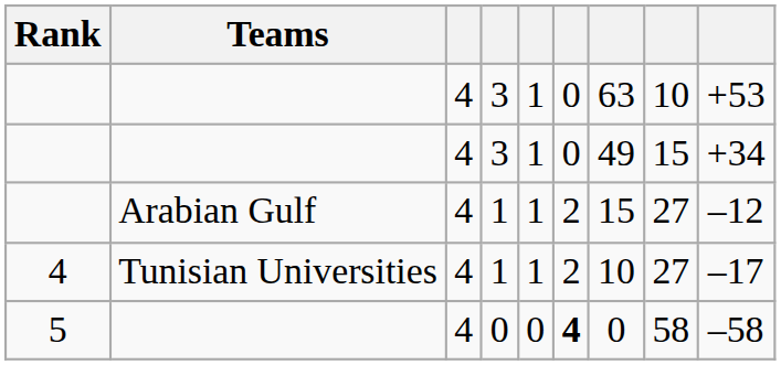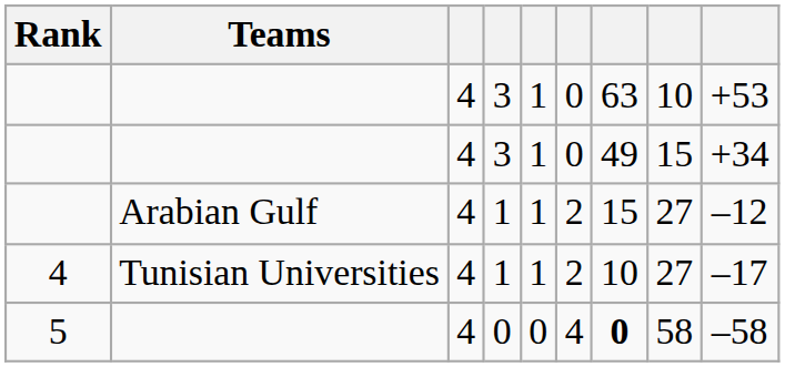 <table class="wikitable" style="text-align: center;">
 <tr>
 <th>Rank</th>
 <th>Teams</th>
 <th></th>
 <th></th>
 <th></th>
 <th></th>
 <th></th>
 <th></th>
 <th></th>
 </tr>
 <tr>
 <td></td>
 <td align="left"></td>
 <td>4</td>
 <td>3</td>
 <td>1</td>
 <td>0</td>
 <td>63</td>
 <td>10</td>
 <td>+53</td>
 </tr>
 <tr>
 <td></td>
 <td align="left"></td>
 <td>4</td>
 <td>3</td>
 <td>1</td>
 <td>0</td>
 <td>49</td>
 <td>15</td>
 <td>+34</td>
 </tr>
 <tr>
 <td></td>
 <td align="left"> Arabian Gulf</td>
 <td>4</td>
 <td>1</td>
 <td>1</td>
 <td>2</td>
 <td>15</td>
 <td>27</td>
 <td>–12</td>
 </tr>
 <tr>
 <td>4</td>
 <td align="left"> Tunisian Universities</td>
 <td>4</td>
 <td>1</td>
 <td>1</td>
 <td>2</td>
 <td>10</td>
 <td>27</td>
 <td>–17</td>
 </tr>
 <tr>
 <td>5</td>
 <td align="left"></td>
 <td>4</td>
 <td>0</td>
 <td>0</td>
-<td><strong>4</strong></td>
-<td>0</td>
+<td>4</td>
+<td><strong>0</strong></td>
 <td>58</td>
 <td>–58</td>
 </tr>
 </table>
